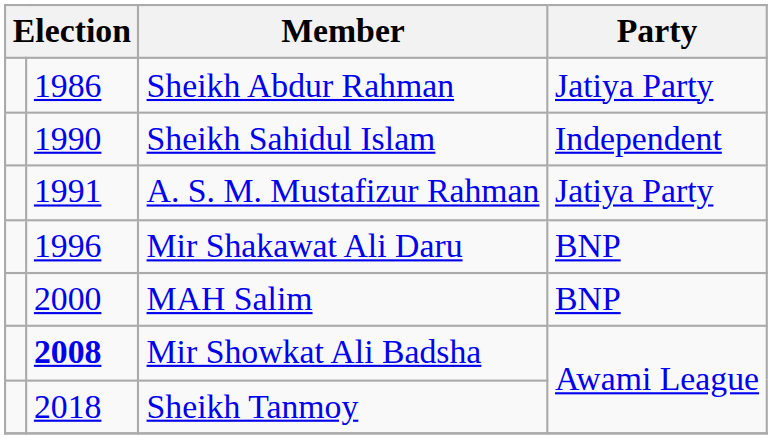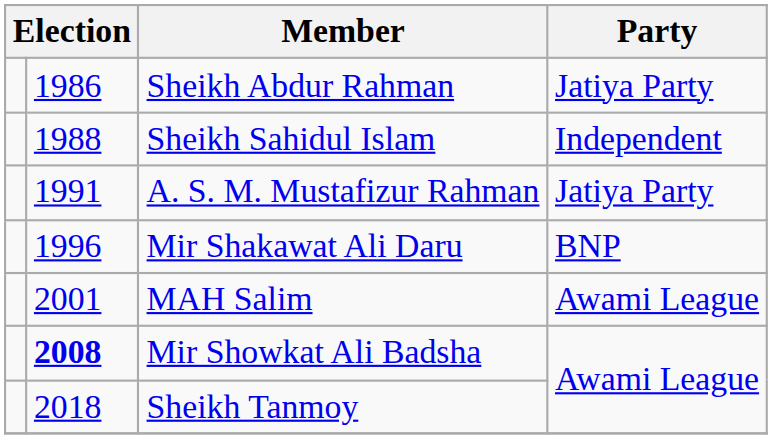 <table class="wikitable">
 <tr>
 <th colspan="2">Election</th>
 <th>Member</th>
 <th>Party</th>
 </tr>
 <tr>
 <td style="background-color:"></td>
 <td><a href='#'>1986</a></td>
 <td><a href='#'>Sheikh Abdur Rahman</a></td>
 <td><a href='#'>Jatiya Party</a></td>
 </tr>
 <tr>
 <td style="background-color:"></td>
-<td><a href='#'>1990</a></td>
+<td><a href='#'>1988</a></td>
 <td><a href='#'>Sheikh Sahidul Islam</a></td>
 <td><a href='#'>Independent</a></td>
 </tr>
 <tr>
 <td style="background-color:"></td>
 <td><a href='#'>1991</a></td>
 <td><a href='#'>A. S. M. Mustafizur Rahman</a></td>
 <td><a href='#'>Jatiya Party</a></td>
 </tr>
 <tr>
 <td style="background-color:"></td>
 <td><a href='#'>1996</a></td>
 <td><a href='#'>Mir Shakawat Ali Daru</a></td>
 <td><a href='#'>BNP</a></td>
 </tr>
 <tr>
 <td style="background-color:"></td>
-<td><a href='#'>2000</a></td>
+<td><a href='#'>2001</a></td>
 <td><a href='#'>MAH Salim</a></td>
-<td><a href='#'>BNP</a></td>
+<td><a href='#'>Awami League</a></td>
 </tr>
 <tr>
 <td style="background-color:"></td>
 <td><strong><a href='#'>2008</a></strong></td>
 <td><a href='#'>Mir Showkat Ali Badsha</a></td>
 <td rowspan="2"><a href='#'>Awami League</a></td>
 </tr>
 <tr>
 <td style="background-color:"></td>
 <td><a href='#'>2018</a></td>
 <td><a href='#'>Sheikh Tanmoy</a></td>
 </tr>
 <tr>
 </tr>
 </table>
